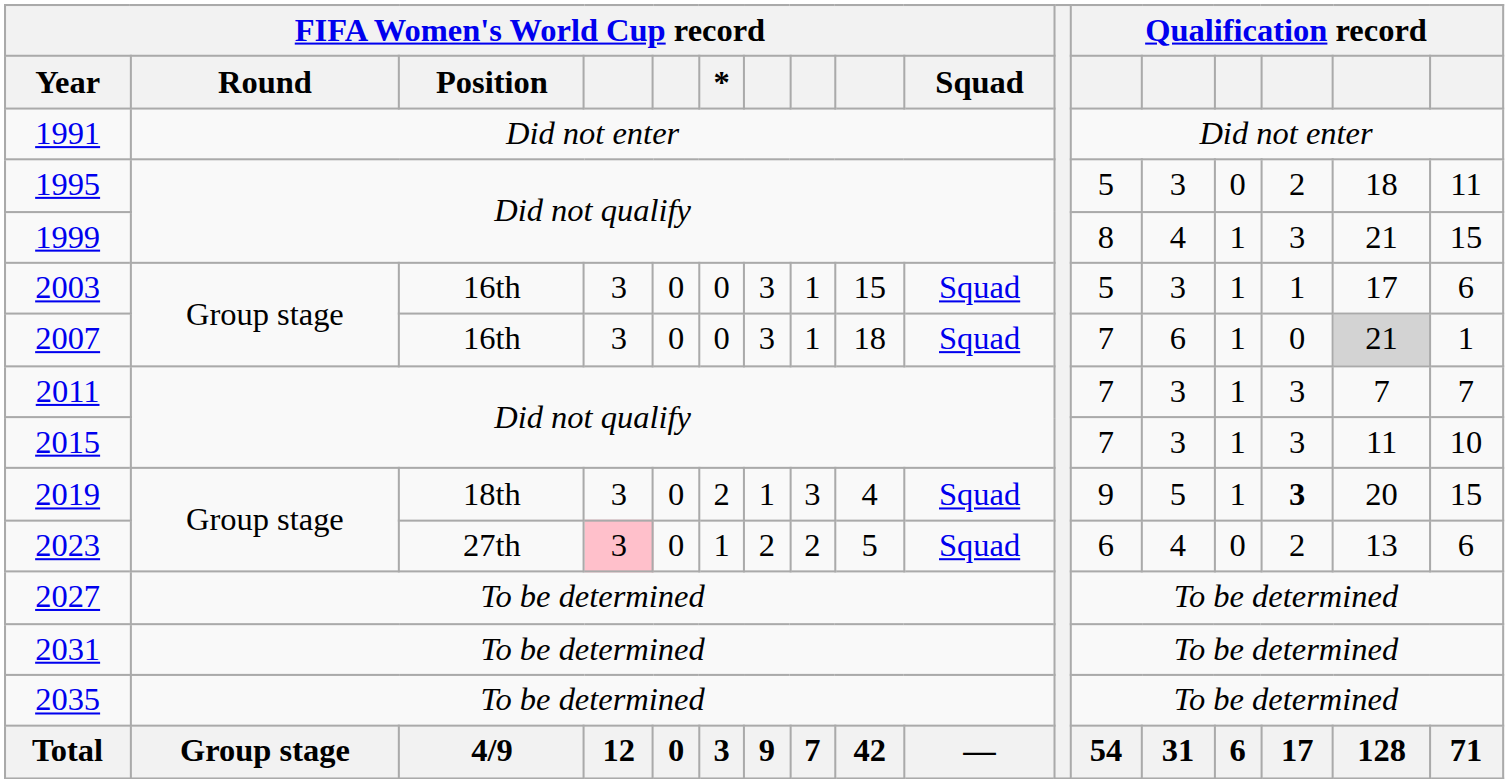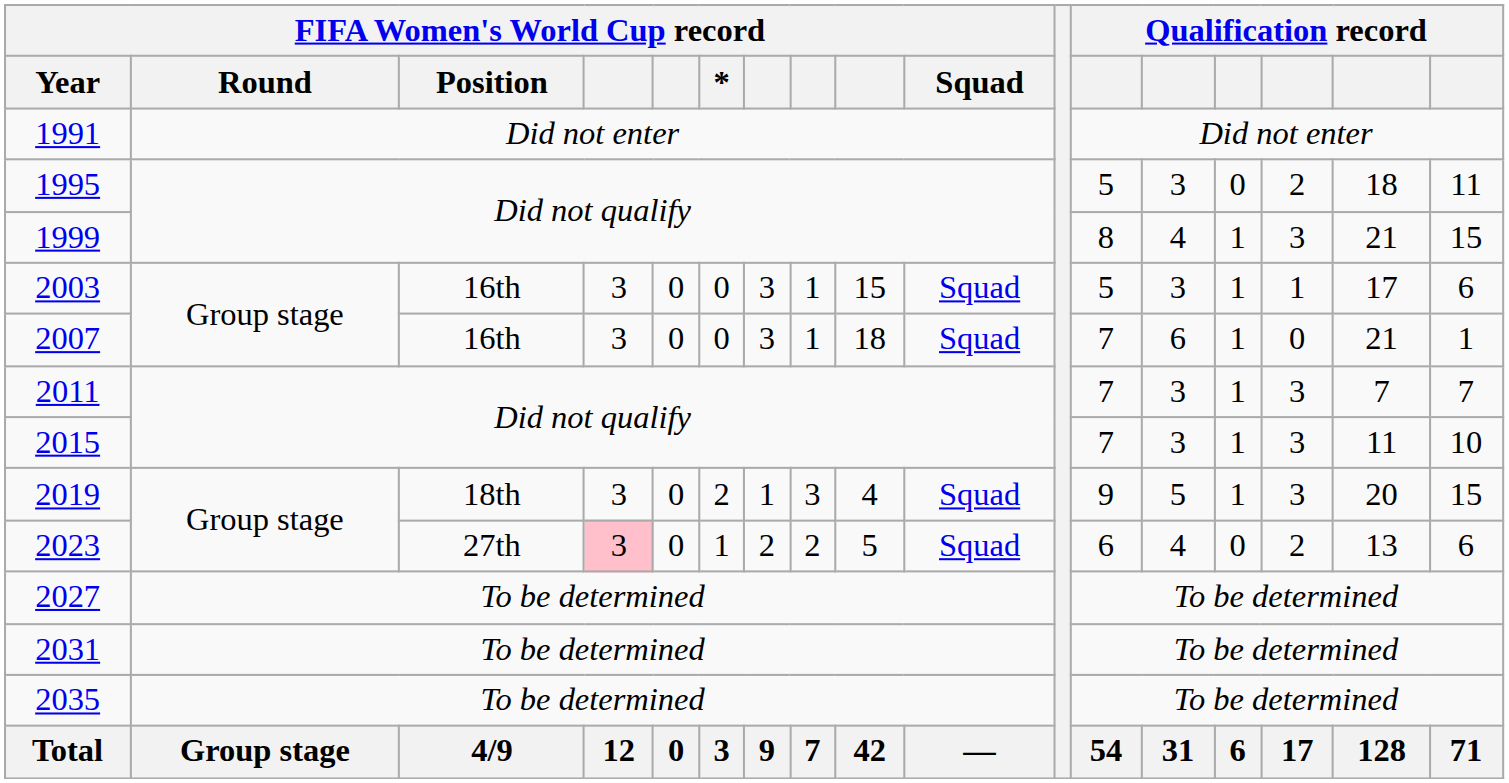 <table class="wikitable" style="text-align: center;">
 <tr>
 <th colspan=10><a href='#'>FIFA Women's World Cup</a> record</th>
 <th style="width:1%;" rowspan=15></th>
 <th colspan=6><a href='#'>Qualification</a> record</th>
 </tr>
 <tr>
 <th>Year</th>
 <th>Round</th>
 <th>Position</th>
 <th></th>
 <th></th>
 <th>*</th>
 <th></th>
 <th></th>
 <th></th>
 <th>Squad</th>
 <th></th>
 <th></th>
 <th></th>
 <th></th>
 <th></th>
 <th></th>
 </tr>
 <tr>
 <td> <a href='#'>1991</a></td>
 <td colspan=9><em>Did not enter</em></td>
 <td colspan=6><em>Did not enter</em></td>
 </tr>
 <tr>
 <td> <a href='#'>1995</a></td>
 <td rowspan=2 colspan=9><em>Did not qualify</em></td>
 <td>5</td>
 <td>3</td>
 <td>0</td>
 <td>2</td>
 <td>18</td>
 <td>11</td>
 </tr>
 <tr>
 <td> <a href='#'>1999</a></td>
 <td>8</td>
 <td>4</td>
 <td>1</td>
 <td>3</td>
 <td>21</td>
 <td>15</td>
 </tr>
 <tr>
 <td> <a href='#'>2003</a></td>
 <td rowspan=2>Group stage</td>
 <td>16th</td>
 <td>3</td>
 <td>0</td>
 <td>0</td>
 <td>3</td>
 <td>1</td>
 <td>15</td>
 <td><a href='#'>Squad</a></td>
 <td>5</td>
 <td>3</td>
 <td>1</td>
 <td>1</td>
 <td>17</td>
 <td>6</td>
 </tr>
 <tr>
 <td> <a href='#'>2007</a></td>
 <td>16th</td>
 <td>3</td>
 <td>0</td>
 <td>0</td>
 <td>3</td>
 <td>1</td>
 <td>18</td>
 <td><a href='#'>Squad</a></td>
 <td>7</td>
 <td>6</td>
 <td>1</td>
 <td>0</td>
-<td style="background: lightgrey;">21</td>
+<td>21</td>
 <td>1</td>
 </tr>
 <tr>
 <td> <a href='#'>2011</a></td>
 <td rowspan=2 colspan=9><em>Did not qualify</em></td>
 <td>7</td>
 <td>3</td>
 <td>1</td>
 <td>3</td>
 <td>7</td>
 <td>7</td>
 </tr>
 <tr>
 <td> <a href='#'>2015</a></td>
 <td>7</td>
 <td>3</td>
 <td>1</td>
 <td>3</td>
 <td>11</td>
 <td>10</td>
 </tr>
 <tr>
 <td> <a href='#'>2019</a></td>
 <td rowspan=2>Group stage</td>
 <td>18th</td>
 <td>3</td>
 <td>0</td>
 <td>2</td>
 <td>1</td>
 <td>3</td>
 <td>4</td>
 <td><a href='#'>Squad</a></td>
 <td>9</td>
 <td>5</td>
 <td>1</td>
-<td><strong>3</strong></td>
+<td>3</td>
 <td>20</td>
 <td>15</td>
 </tr>
 <tr>
 <td> <a href='#'>2023</a></td>
 <td>27th</td>
 <td style="background: pink;">3</td>
 <td>0</td>
 <td>1</td>
 <td>2</td>
 <td>2</td>
 <td>5</td>
 <td><a href='#'>Squad</a></td>
 <td>6</td>
 <td>4</td>
 <td>0</td>
 <td>2</td>
 <td>13</td>
 <td>6</td>
 </tr>
 <tr>
 <td> <a href='#'>2027</a></td>
 <td colspan=9><em>To be determined</em></td>
 <td colspan=6><em>To be determined</em></td>
 </tr>
 <tr>
 <td> <a href='#'>2031</a></td>
 <td colspan=9><em>To be determined</em></td>
 <td colspan=6><em>To be determined</em></td>
 </tr>
 <tr>
 <td> <a href='#'>2035</a></td>
 <td colspan=9><em>To be determined</em></td>
 <td colspan=6><em>To be determined</em></td>
 </tr>
 <tr>
 <th><strong>Total</strong></th>
 <th>Group stage</th>
 <th>4/9</th>
 <th>12</th>
 <th>0</th>
 <th>3</th>
 <th>9</th>
 <th>7</th>
 <th>42</th>
 <th>—</th>
 <th>54</th>
 <th>31</th>
 <th>6</th>
 <th>17</th>
 <th>128</th>
 <th>71</th>
 </tr>
 </table>
